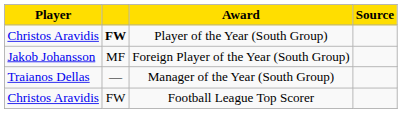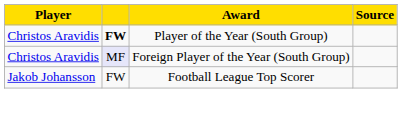 <table class="wikitable">
 <tr>
 <th style="background:#FFDE00">Player</th>
 <th style="background:#FFDE00"></th>
 <th style="background:#FFDE00">Award</th>
 <th style="background:#FFDE00">Source</th>
 </tr>
 <tr>
 <td> <a href='#'>Christos Aravidis</a></td>
 <td align="center"><strong>FW</strong></td>
 <td align="center">Player of the Year (South Group)</td>
 <td align="center"></td>
 </tr>
 <tr>
-<td> <a href='#'>Jakob Johansson</a></td>
-<td align="center">MF</td>
+<td> <a href='#'>Christos Aravidis</a></td>
+<td align="center" style="background: lavender;">MF</td>
 <td align="center">Foreign Player of the Year (South Group)</td>
 <td align="center"></td>
 </tr>
 <tr>
-<td> <a href='#'>Traianos Dellas</a></td>
-<td align="center">—</td>
-<td align="center">Manager of the Year (South Group)</td>
-<td align="center"></td>
-</tr>
-<tr>
-<td> <a href='#'>Christos Aravidis</a></td>
+<td> <a href='#'>Jakob Johansson</a></td>
 <td align="center">FW</td>
 <td align="center">Football League Top Scorer</td>
 <td align="center"></td>
 </tr>
 </table>
